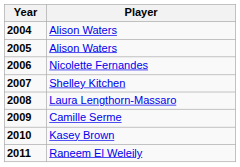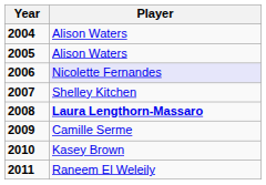 <table class=wikitable style="width:21em; float:left; margin-right:1em">
 <tr>
 <th>Year</th>
 <th>Player</th>
 </tr>
 <tr>
 <td><strong>2004</strong></td>
 <td> <a href='#'>Alison Waters</a></td>
 </tr>
 <tr>
 <td><strong>2005</strong></td>
 <td> <a href='#'>Alison Waters</a></td>
 </tr>
 <tr>
 <td><strong>2006</strong></td>
-<td> <a href='#'>Nicolette Fernandes</a></td>
+<td style="background: lavender;"> <a href='#'>Nicolette Fernandes</a></td>
 </tr>
 <tr>
 <td><strong>2007</strong></td>
 <td> <a href='#'>Shelley Kitchen</a></td>
 </tr>
 <tr>
 <td><strong>2008</strong></td>
-<td> <a href='#'>Laura Lengthorn-Massaro</a></td>
+<td><strong> <a href='#'>Laura Lengthorn-Massaro</a></strong></td>
 </tr>
 <tr>
 <td><strong>2009</strong></td>
 <td> <a href='#'>Camille Serme</a></td>
 </tr>
 <tr>
 <td><strong>2010</strong></td>
 <td> <a href='#'>Kasey Brown</a></td>
 </tr>
 <tr>
 <td><strong>2011</strong></td>
 <td> <a href='#'>Raneem El Weleily</a></td>
 </tr>
 </table>
